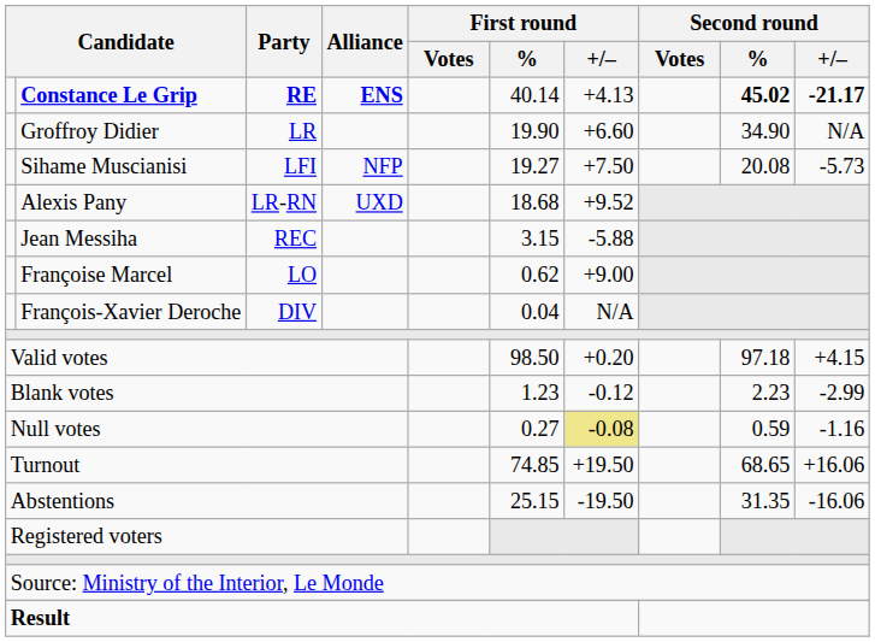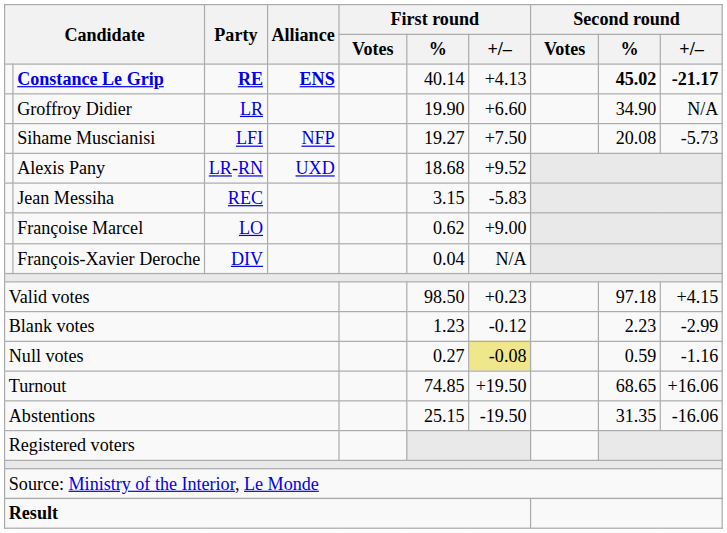 <table class="wikitable" style="text-align:right;font-size:95%;">
 <tr>
 <th rowspan="2" colspan="2">Candidate</th>
 <th rowspan="2">Party</th>
 <th rowspan="2">Alliance</th>
 <th colspan="3">First round</th>
 <th colspan="3">Second round</th>
 </tr>
 <tr>
 <th style="width:50px;">Votes</th>
 <th style="width:45px;">%</th>
 <th style="width:45px;">+/–</th>
 <th style="width:50px;">Votes</th>
 <th style="width:45px;">%</th>
 <th style="width:45px;">+/–</th>
 </tr>
 <tr>
 <td style="color:inherit;background:"></td>
 <td style="text-align:left;"><strong><a href='#'>Constance Le Grip</a></strong></td>
 <td><a href='#'><strong>RE</strong></a></td>
 <td><a href='#'><strong>ENS</strong></a></td>
 <td></td>
 <td>40.14</td>
 <td>+4.13</td>
 <td><strong></strong></td>
 <td><strong>45.02</strong></td>
 <td><strong>-21.17</strong></td>
 </tr>
 <tr>
 <td style="color:inherit;background:"></td>
 <td style="text-align:left;">Groffroy Didier</td>
 <td><a href='#'>LR</a></td>
 <td></td>
 <td></td>
 <td>19.90</td>
 <td>+6.60</td>
 <td></td>
 <td>34.90</td>
 <td>N/A</td>
 </tr>
 <tr>
 <td style="color:inherit;background:"></td>
 <td style="text-align:left;">Sihame Muscianisi</td>
 <td><a href='#'>LFI</a></td>
 <td><a href='#'>NFP</a></td>
 <td></td>
 <td>19.27</td>
 <td>+7.50</td>
 <td></td>
 <td>20.08</td>
 <td>-5.73</td>
 </tr>
 <tr>
 <td style="color:inherit;background:"></td>
 <td style="text-align:left;">Alexis Pany</td>
 <td><a href='#'>LR</a>-<a href='#'>RN</a></td>
 <td><a href='#'>UXD</a></td>
 <td></td>
 <td>18.68</td>
 <td>+9.52</td>
 <td colspan="3" style="background:#E9E9E9;"></td>
 </tr>
 <tr>
 <td style="color:inherit;background:"></td>
 <td style="text-align:left;">Jean Messiha</td>
 <td><a href='#'>REC</a></td>
 <td></td>
 <td></td>
 <td>3.15</td>
-<td>-5.88</td>
+<td>-5.83</td>
 <td colspan="3" style="background:#E9E9E9;"></td>
 </tr>
 <tr>
 <td style="color:inherit;background:"></td>
 <td style="text-align:left;">Françoise Marcel</td>
 <td><a href='#'>LO</a></td>
 <td></td>
 <td></td>
 <td>0.62</td>
 <td>+9.00</td>
 <td colspan="3" style="background:#E9E9E9;"></td>
 </tr>
 <tr>
 <td style="color:inherit;background:"></td>
 <td style="text-align:left;">François-Xavier Deroche</td>
 <td><a href='#'>DIV</a></td>
 <td></td>
 <td></td>
 <td>0.04</td>
 <td>N/A</td>
 <td colspan="3" style="background:#E9E9E9;"></td>
 </tr>
 <tr>
 <td colspan="10" style="background:#E9E9E9;"></td>
 </tr>
 <tr>
 <td colspan="4" style="text-align:left;">Valid votes</td>
 <td></td>
 <td>98.50</td>
-<td>+0.20</td>
+<td>+0.23</td>
 <td></td>
 <td>97.18</td>
 <td>+4.15</td>
 </tr>
 <tr>
 <td colspan="4" style="text-align:left;">Blank votes</td>
 <td></td>
 <td>1.23</td>
 <td>-0.12</td>
 <td></td>
 <td>2.23</td>
 <td>-2.99</td>
 </tr>
 <tr>
 <td colspan="4" style="text-align:left;">Null votes</td>
 <td></td>
 <td>0.27</td>
 <td style="background: khaki;">-0.08</td>
 <td></td>
 <td>0.59</td>
 <td>-1.16</td>
 </tr>
 <tr>
 <td colspan="4" style="text-align:left;">Turnout</td>
 <td></td>
 <td>74.85</td>
 <td>+19.50</td>
 <td></td>
 <td>68.65</td>
 <td>+16.06</td>
 </tr>
 <tr>
 <td colspan="4" style="text-align:left;">Abstentions</td>
 <td></td>
 <td>25.15</td>
 <td>-19.50</td>
 <td></td>
 <td>31.35</td>
 <td>-16.06</td>
 </tr>
 <tr>
 <td colspan="4" style="text-align:left;">Registered voters</td>
 <td></td>
 <td colspan="2" style="background:#E9E9E9;"></td>
 <td></td>
 <td colspan="2" style="background:#E9E9E9;"></td>
 </tr>
 <tr>
 <td colspan="10" style="background:#E9E9E9;"></td>
 </tr>
 <tr>
 <td colspan="10" style="text-align:left;">Source: <a href='#'>Ministry of the Interior</a>, <a href='#'>Le Monde</a></td>
 </tr>
 <tr>
 </tr>
 <tr style="font-weight:bold">
 <td colspan="7" style="text-align:left;">Result</td>
 <td colspan="7" style="background-color:"></td>
 </tr>
 </table>
